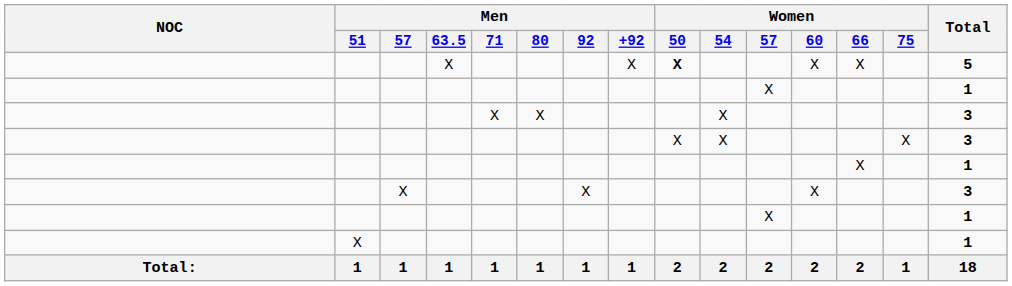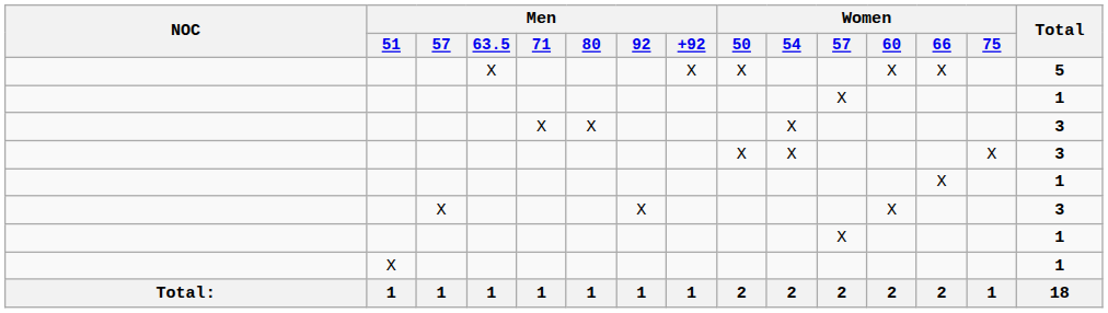 <table class="wikitable" style="text-align:center; font-size:90%">
 <tr>
 <th rowspan=2 width=250>NOC</th>
 <th colspan=7>Men</th>
 <th colspan=6>Women</th>
 <th rowspan=2 width=55>Total</th>
 </tr>
 <tr style="font-size: 95%">
 <th width=30><a href='#'>51</a></th>
 <th width=30><a href='#'>57</a></th>
 <th width=30><a href='#'>63.5</a></th>
 <th width=30><a href='#'>71</a></th>
 <th width=30><a href='#'>80</a></th>
 <th width=30><a href='#'>92</a></th>
 <th width=30><a href='#'>+92</a></th>
 <th width=30><a href='#'>50</a></th>
 <th width=30><a href='#'>54</a></th>
 <th width=30><a href='#'>57</a></th>
 <th width=30><a href='#'>60</a></th>
 <th width=30><a href='#'>66</a></th>
 <th width=30><a href='#'>75</a></th>
 </tr>
 <tr>
 <td align=left></td>
 <td></td>
 <td></td>
 <td>X</td>
 <td></td>
 <td></td>
 <td></td>
 <td>X</td>
-<td><strong>X</strong></td>
+<td>X</td>
 <td></td>
 <td></td>
 <td>X</td>
 <td>X</td>
 <td></td>
 <td><strong>5</strong></td>
 </tr>
 <tr>
 <td align=left></td>
 <td></td>
 <td></td>
 <td></td>
 <td></td>
 <td></td>
 <td></td>
 <td></td>
 <td></td>
 <td></td>
 <td>X</td>
 <td></td>
 <td></td>
 <td></td>
 <td><strong>1</strong></td>
 </tr>
 <tr>
 <td align=left></td>
 <td></td>
 <td></td>
 <td></td>
 <td>X</td>
 <td>X</td>
 <td></td>
 <td></td>
 <td></td>
 <td>X</td>
 <td></td>
 <td></td>
 <td></td>
 <td></td>
 <td><strong>3</strong></td>
 </tr>
 <tr>
 <td align=left></td>
 <td></td>
 <td></td>
 <td></td>
 <td></td>
 <td></td>
 <td></td>
 <td></td>
 <td>X</td>
 <td>X</td>
 <td></td>
 <td></td>
 <td></td>
 <td>X</td>
 <td><strong>3</strong></td>
 </tr>
 <tr>
 <td align=left></td>
 <td></td>
 <td></td>
 <td></td>
 <td></td>
 <td></td>
 <td></td>
 <td></td>
 <td></td>
 <td></td>
 <td></td>
 <td></td>
 <td>X</td>
 <td></td>
 <td><strong>1</strong></td>
 </tr>
 <tr>
 <td align=left></td>
 <td></td>
 <td>X</td>
 <td></td>
 <td></td>
 <td></td>
 <td>X</td>
 <td></td>
 <td></td>
 <td></td>
 <td></td>
 <td>X</td>
 <td></td>
 <td></td>
 <td><strong>3</strong></td>
 </tr>
 <tr>
 <td align=left></td>
 <td></td>
 <td></td>
 <td></td>
 <td></td>
 <td></td>
 <td></td>
 <td></td>
 <td></td>
 <td></td>
 <td>X</td>
 <td></td>
 <td></td>
 <td></td>
 <td><strong>1</strong></td>
 </tr>
 <tr>
 <td align=left></td>
 <td>X</td>
 <td></td>
 <td></td>
 <td></td>
 <td></td>
 <td></td>
 <td></td>
 <td></td>
 <td></td>
 <td></td>
 <td></td>
 <td></td>
 <td></td>
 <td><strong>1</strong></td>
 </tr>
 <tr>
 <th>Total:</th>
 <th>1</th>
 <th>1</th>
 <th>1</th>
 <th>1</th>
 <th>1</th>
 <th>1</th>
 <th>1</th>
 <th>2</th>
 <th>2</th>
 <th>2</th>
 <th>2</th>
 <th>2</th>
 <th>1</th>
 <th>18</th>
 </tr>
 </table>
